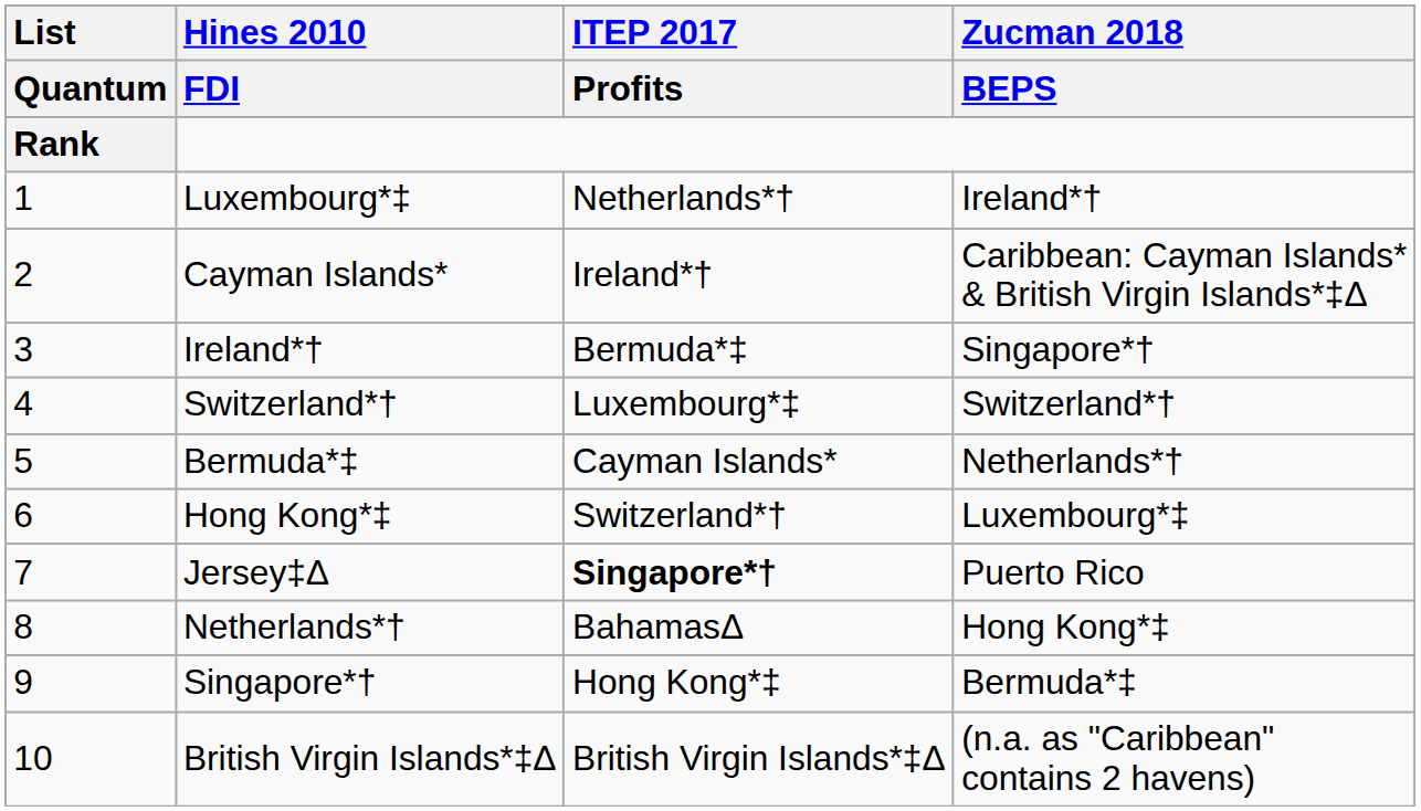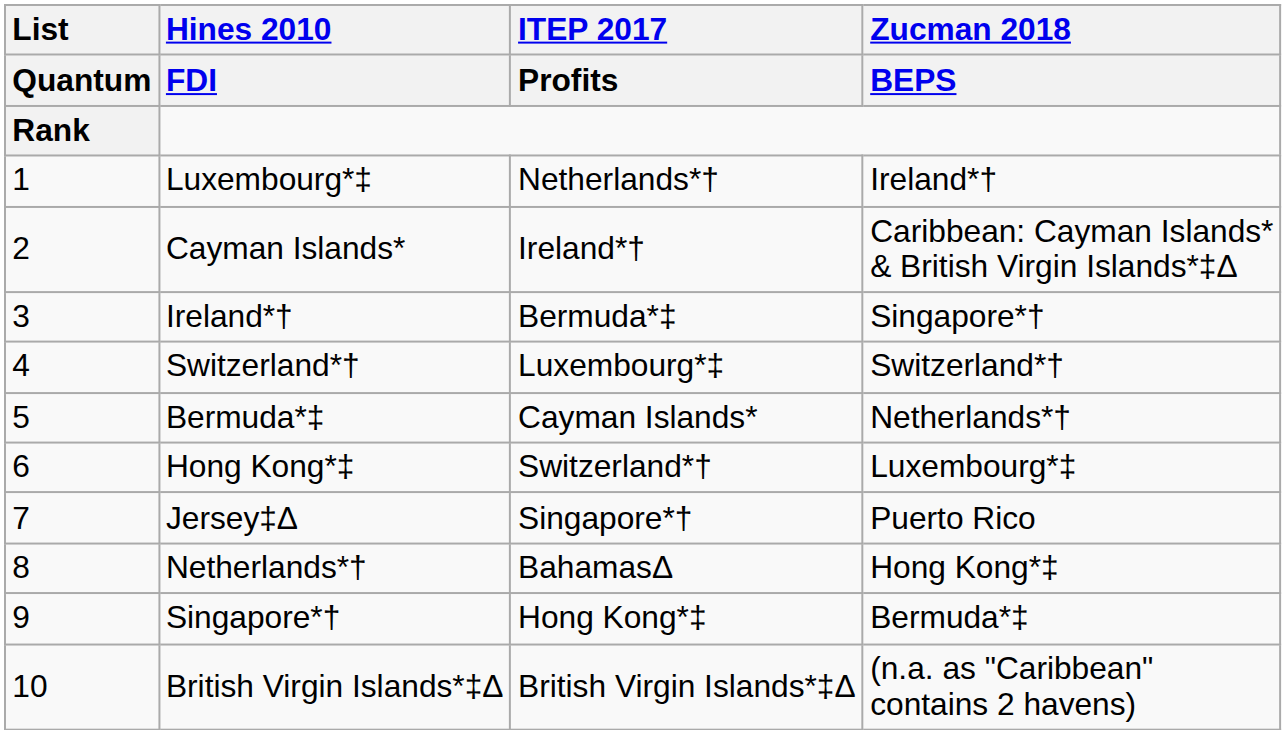 <table class="wikitable">
 <tr>
 <th style="text-align:left">List</th>
 <th style="text-align:left"><a href='#'>Hines 2010</a></th>
 <th style=";text-align:left"><a href='#'>ITEP 2017</a></th>
 <th style=";text-align:left"><a href='#'>Zucman 2018</a></th>
 </tr>
 <tr>
 <th style="text-align:left">Quantum</th>
 <th style="text-align:left"><a href='#'>FDI</a></th>
 <th style=";text-align:left">Profits</th>
 <th style=";text-align:left"><a href='#'>BEPS</a></th>
 </tr>
 <tr>
 <th style="text-align:left">Rank</th>
 </tr>
 <tr>
 <td>1</td>
 <td align="left">Luxembourg*‡</td>
 <td>Netherlands*†</td>
 <td>Ireland*†</td>
 </tr>
 <tr>
 <td>2</td>
 <td align="left">Cayman Islands*</td>
 <td>Ireland*†</td>
 <td>Caribbean: Cayman Islands*<br>& British Virgin Islands*‡Δ</td>
 </tr>
 <tr>
 <td>3</td>
 <td align="left">Ireland*†</td>
 <td>Bermuda*‡</td>
 <td>Singapore*†</td>
 </tr>
 <tr>
 <td>4</td>
 <td align="left">Switzerland*†</td>
 <td>Luxembourg*‡</td>
 <td>Switzerland*†</td>
 </tr>
 <tr>
 <td>5</td>
 <td align="left">Bermuda*‡</td>
 <td>Cayman Islands*</td>
 <td>Netherlands*†</td>
 </tr>
 <tr>
 <td>6</td>
 <td align="left">Hong Kong*‡</td>
 <td>Switzerland*†</td>
 <td>Luxembourg*‡</td>
 </tr>
 <tr>
 <td>7</td>
 <td align="left">Jersey‡Δ</td>
-<td><strong>Singapore*†</strong></td>
+<td>Singapore*†</td>
 <td>Puerto Rico</td>
 </tr>
 <tr>
 <td>8</td>
 <td align="left">Netherlands*†</td>
 <td>BahamasΔ</td>
 <td>Hong Kong*‡</td>
 </tr>
 <tr>
 <td>9</td>
 <td align="left">Singapore*†</td>
 <td>Hong Kong*‡</td>
 <td>Bermuda*‡</td>
 </tr>
 <tr>
 <td>10</td>
 <td align="left">British Virgin Islands*‡Δ</td>
 <td>British Virgin Islands*‡Δ</td>
 <td>(n.a. as "Caribbean"<br>contains 2 havens)</td>
 </tr>
 </table>
